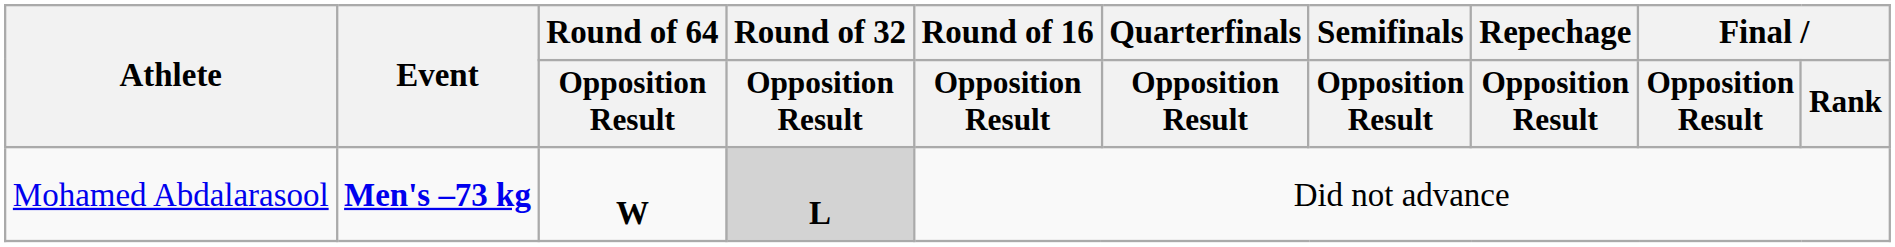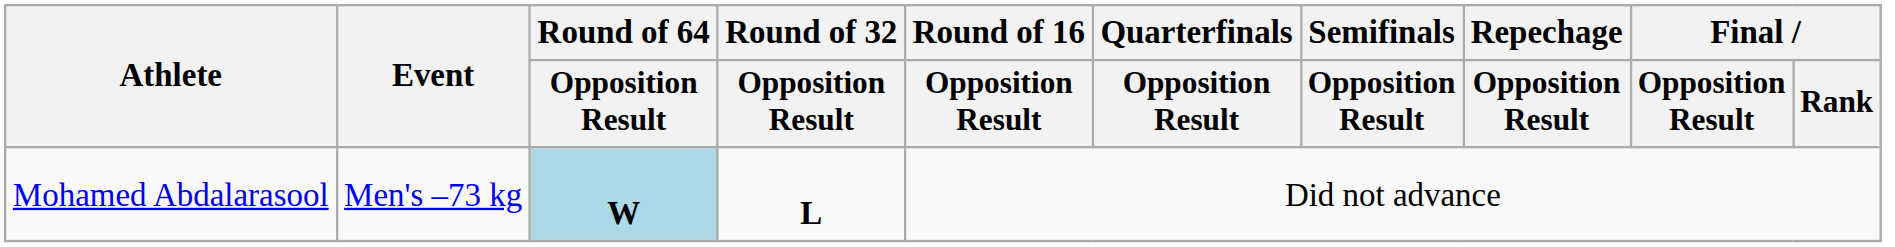 <table class="wikitable" style="font-size:90%">
 <tr>
 <th rowspan="2">Athlete</th>
 <th rowspan="2">Event</th>
 <th>Round of 64</th>
 <th>Round of 32</th>
 <th>Round of 16</th>
 <th>Quarterfinals</th>
 <th>Semifinals</th>
 <th>Repechage</th>
 <th colspan=2>Final / </th>
 </tr>
 <tr style="font-size:95%">
 <th>Opposition<br>Result</th>
 <th>Opposition<br>Result</th>
 <th>Opposition<br>Result</th>
 <th>Opposition<br>Result</th>
 <th>Opposition<br>Result</th>
 <th>Opposition<br>Result</th>
 <th>Opposition<br>Result</th>
 <th>Rank</th>
 </tr>
 <tr align=center>
 <td align=left><a href='#'>Mohamed Abdalarasool</a></td>
-<td align=left><strong><a href='#'>Men's –73 kg</a></strong></td>
-<td><br><strong>W</strong> </td>
-<td style="background: lightgrey;"><br><strong>L</strong> </td>
+<td align=left><a href='#'>Men's –73 kg</a></td>
+<td style="background: lightblue;"><br><strong>W</strong> </td>
+<td><br><strong>L</strong> </td>
 <td colspan=6>Did not advance</td>
 </tr>
 </table>
